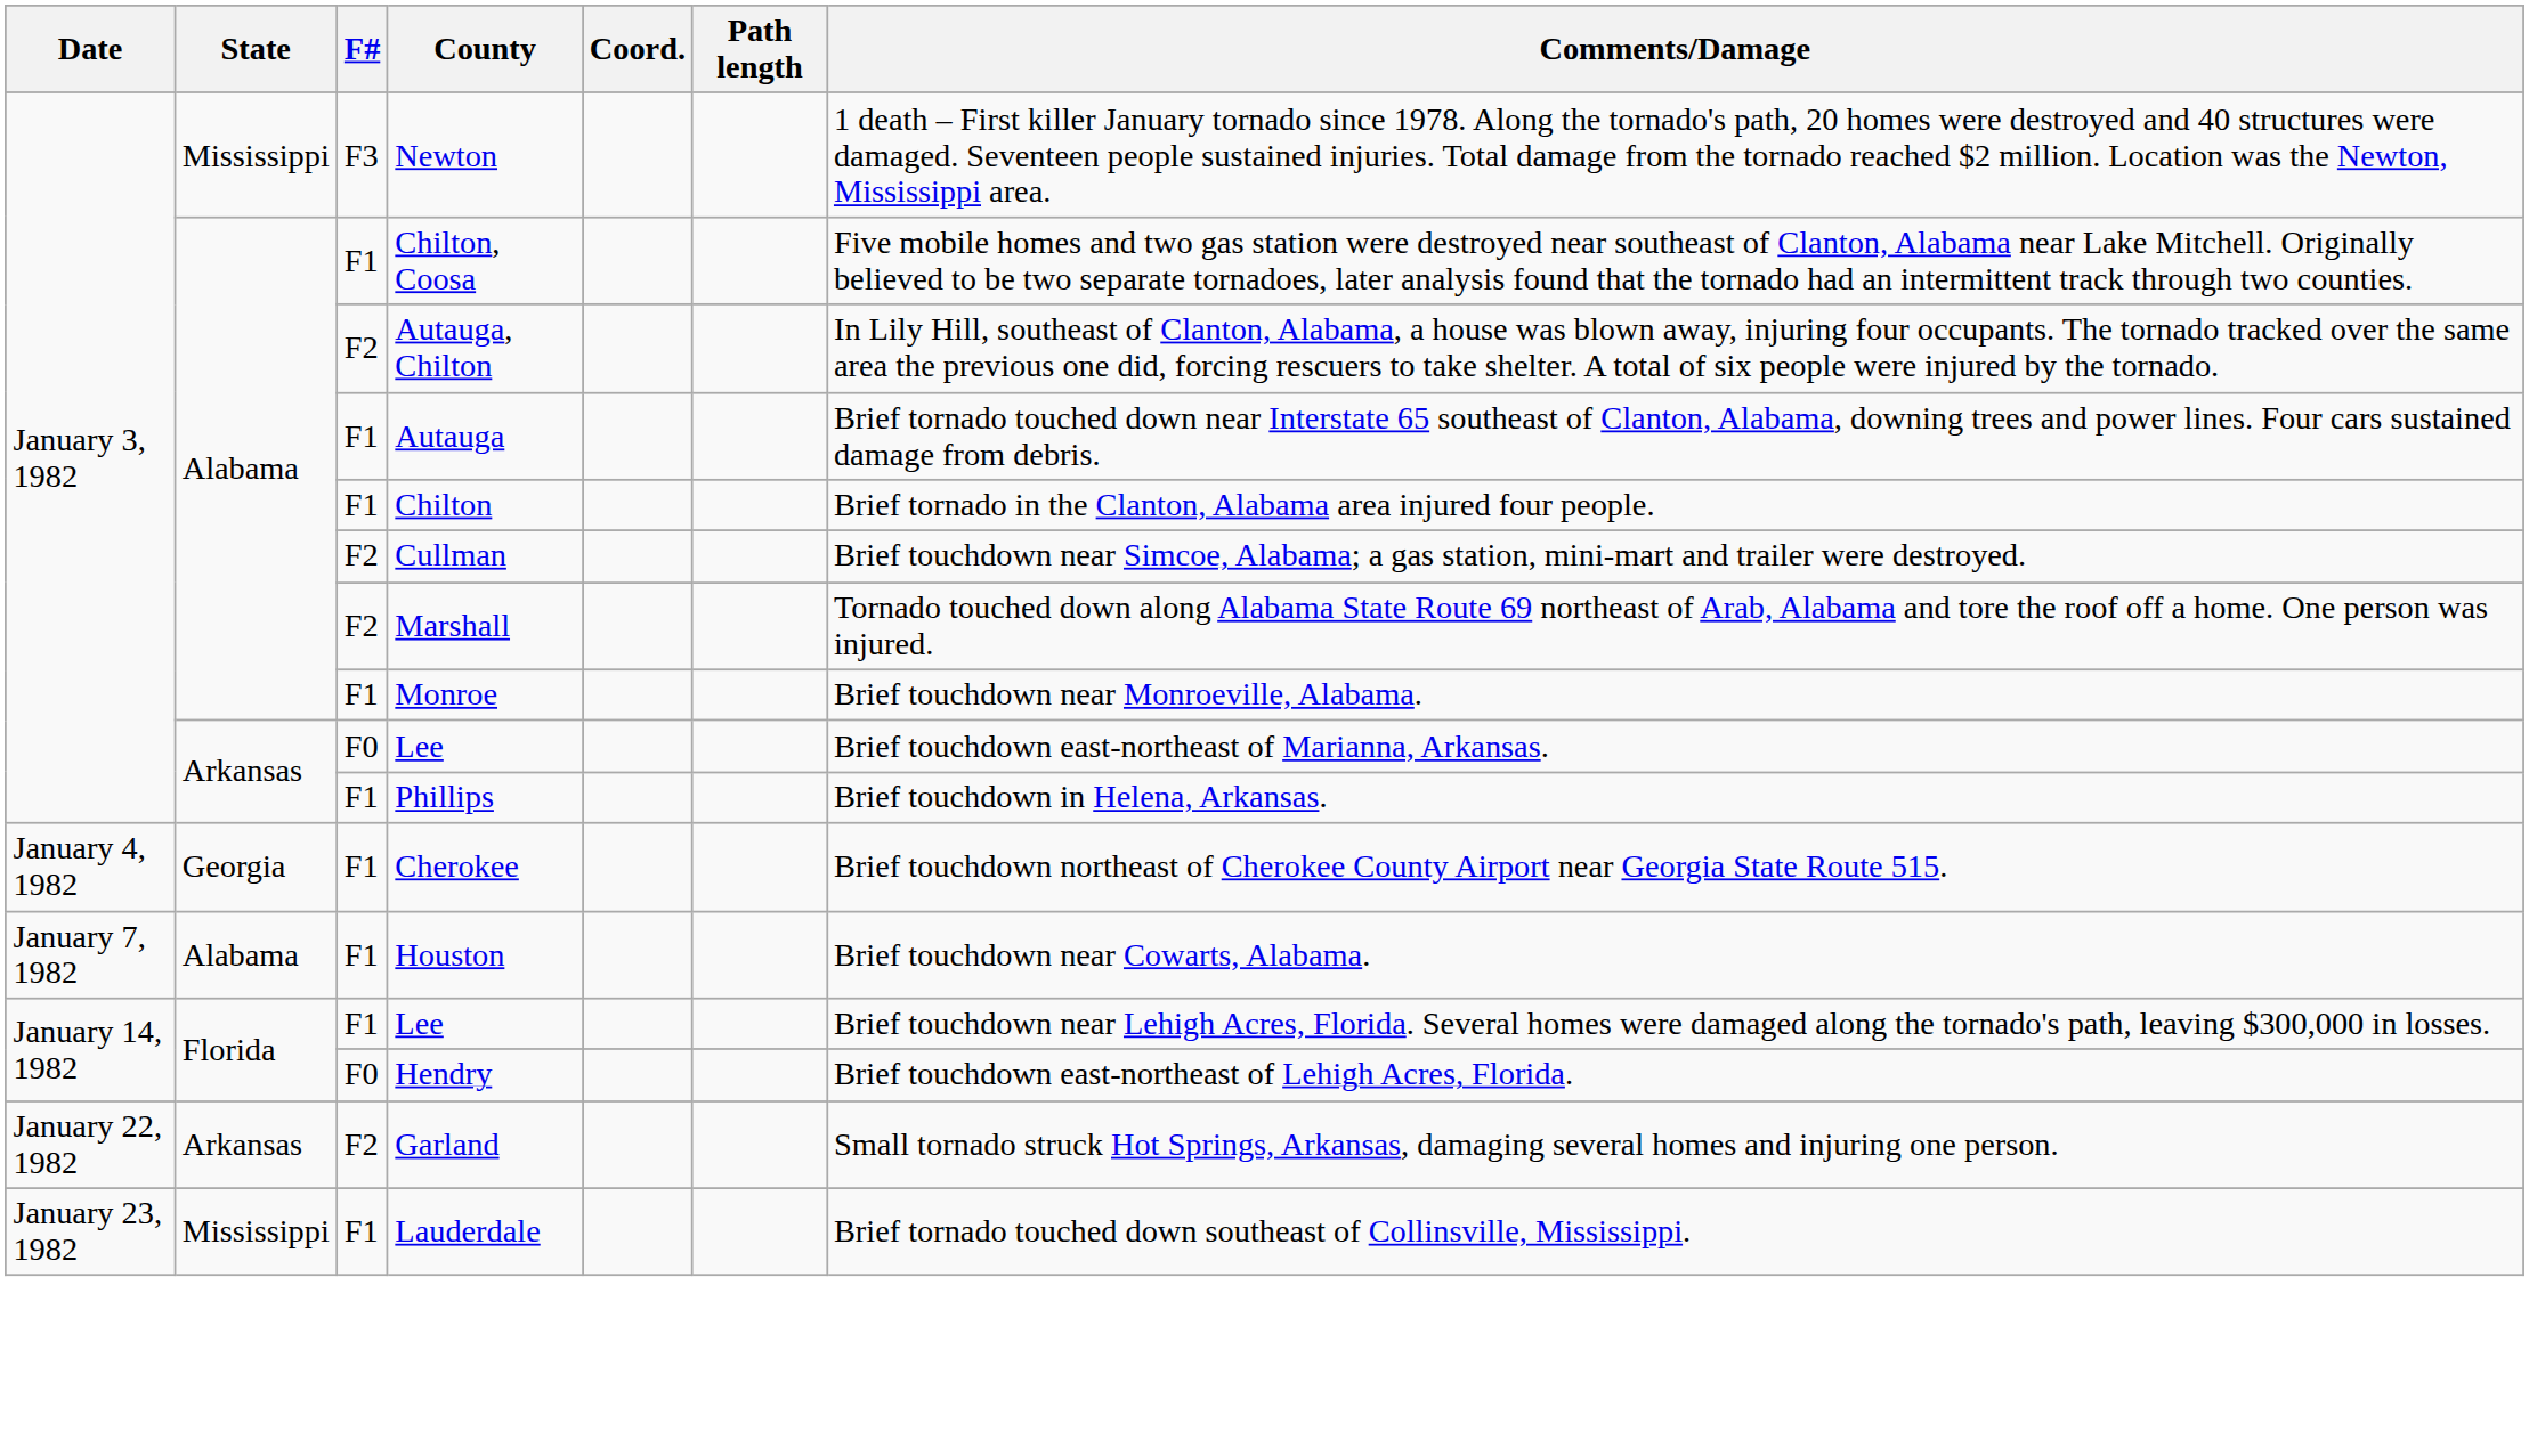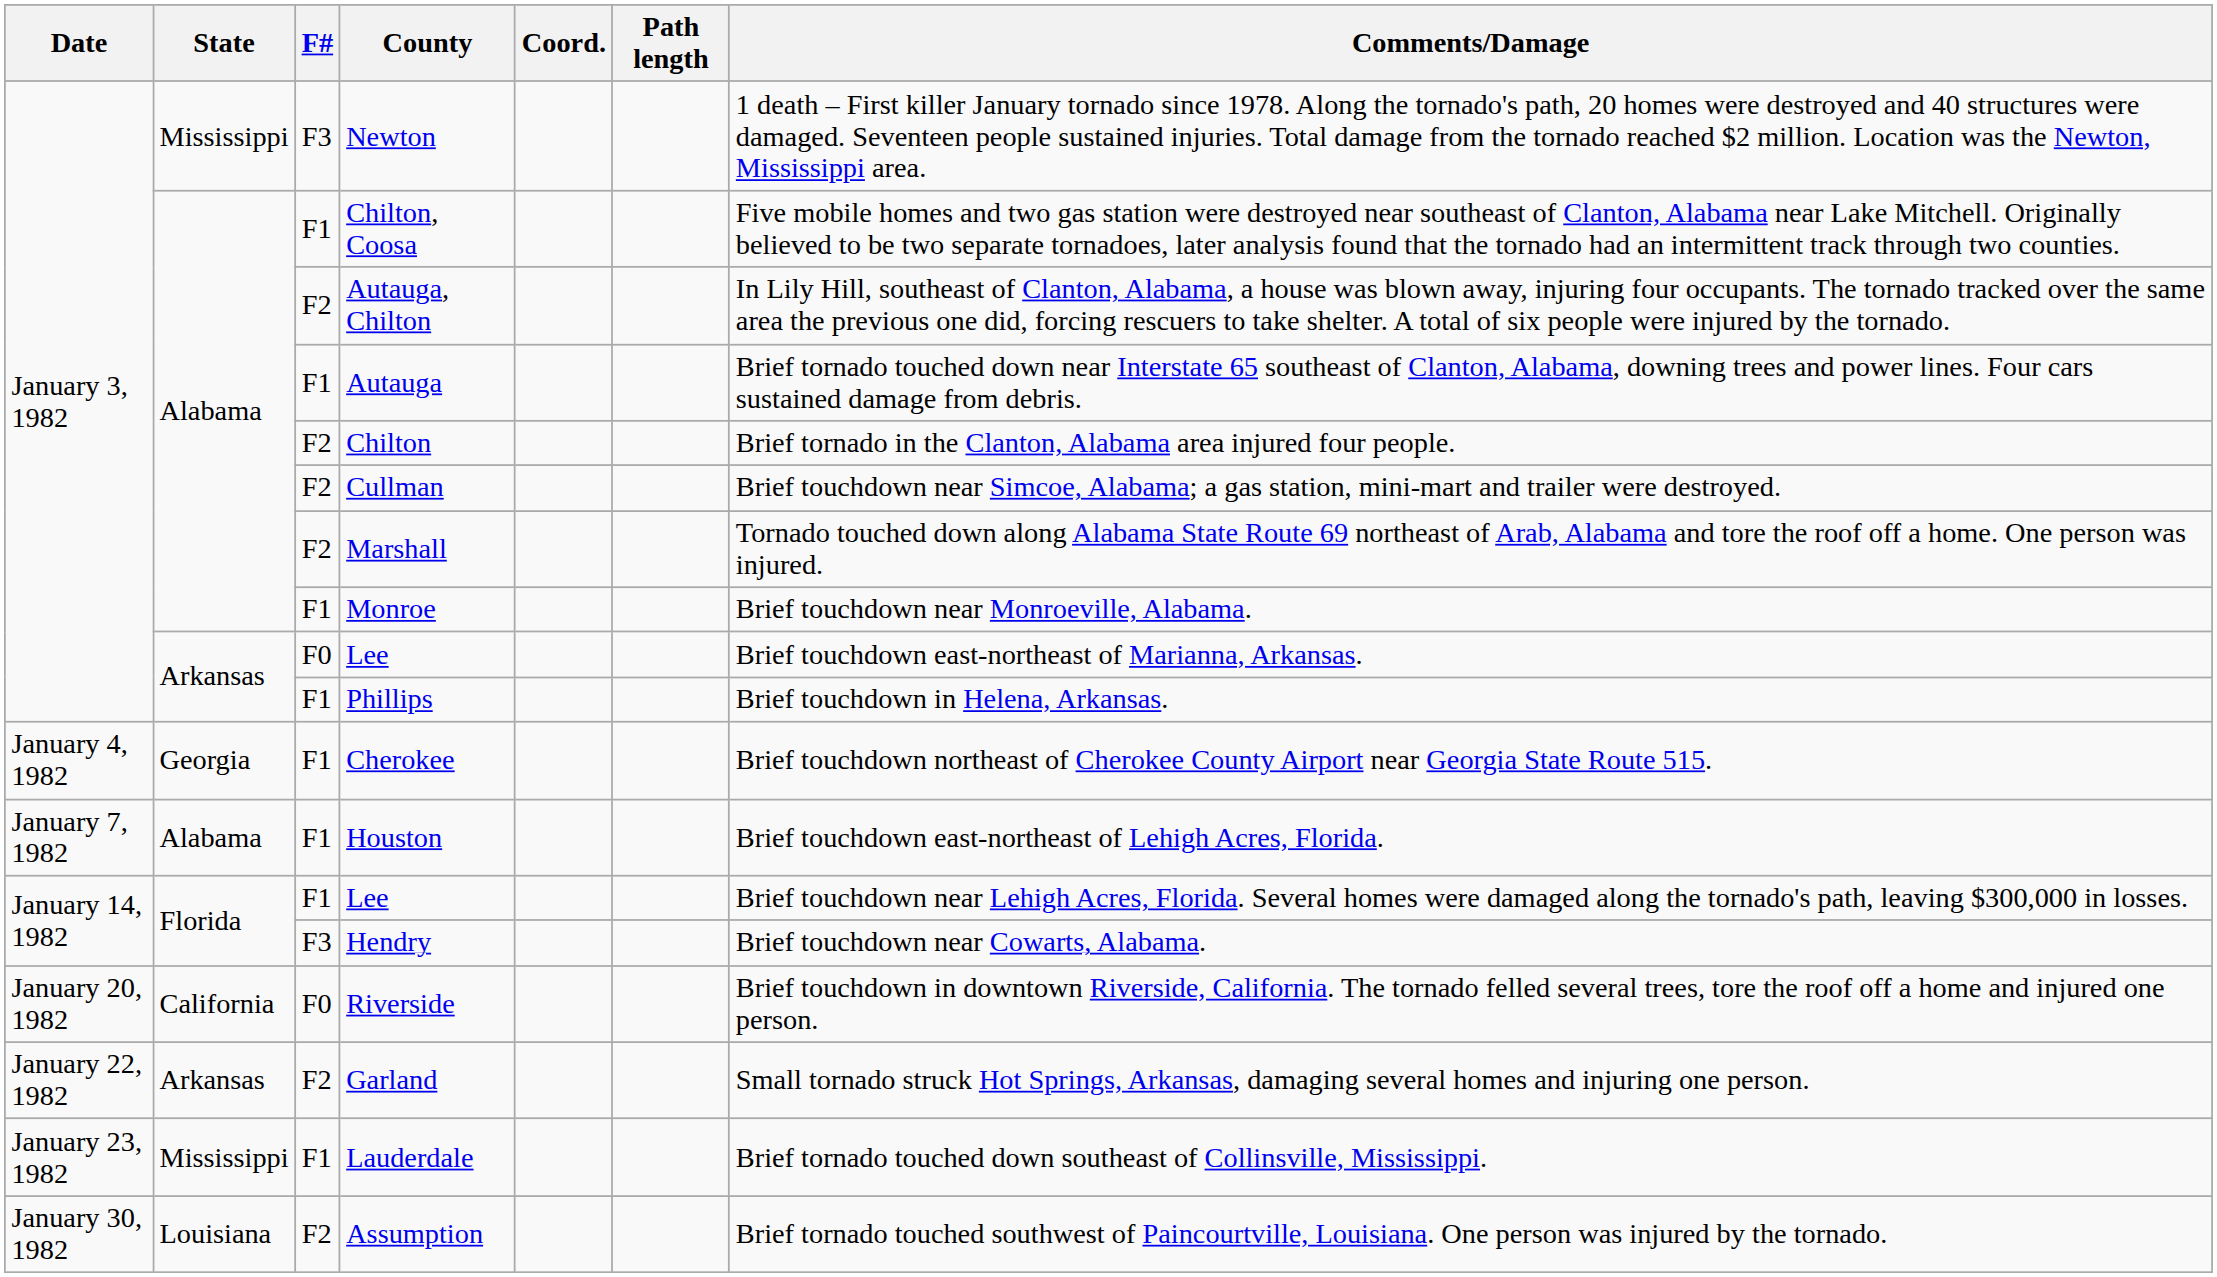 <table class="wikitable sortable">
 <tr>
 <th>Date</th>
 <th>State</th>
 <th><a href='#'>F#</a></th>
 <th>County</th>
 <th>Coord.</th>
 <th>Path length</th>
 <th>Comments/Damage</th>
 </tr>
 <tr>
 <td rowspan="10">January 3, 1982</td>
 <td>Mississippi</td>
 <td style="background: #">F3</td>
 <td><a href='#'>Newton</a></td>
 <td></td>
 <td></td>
 <td>1 death – First killer January tornado since 1978. Along the tornado's path, 20 homes were destroyed and 40 structures were damaged. Seventeen people sustained injuries. Total damage from the tornado reached $2 million. Location was the <a href='#'>Newton, Mississippi</a> area.</td>
 </tr>
 <tr>
 <td rowspan="7">Alabama</td>
 <td style="background: #">F1</td>
 <td><a href='#'>Chilton</a>, <a href='#'>Coosa</a></td>
 <td></td>
 <td></td>
 <td>Five mobile homes and two gas station were destroyed near southeast of <a href='#'>Clanton, Alabama</a> near Lake Mitchell. Originally believed to be two separate tornadoes, later analysis found that the tornado had an intermittent  track through two counties.</td>
 </tr>
 <tr>
 <td style="background: #">F2</td>
 <td><a href='#'>Autauga</a>, <a href='#'>Chilton</a></td>
 <td></td>
 <td></td>
 <td>In Lily Hill, southeast of <a href='#'>Clanton, Alabama</a>, a house was blown away, injuring four occupants. The tornado tracked over the same area the previous one did, forcing rescuers to take shelter. A total of six people were injured by the tornado.</td>
 </tr>
 <tr>
 <td style="background: #">F1</td>
 <td><a href='#'>Autauga</a></td>
 <td></td>
 <td></td>
 <td>Brief tornado touched down near <a href='#'>Interstate 65</a> southeast of <a href='#'>Clanton, Alabama</a>, downing trees and power lines. Four cars sustained damage from debris.</td>
 </tr>
 <tr>
-<td style="background: #">F1</td>
+<td style="background: #">F2</td>
 <td><a href='#'>Chilton</a></td>
 <td></td>
 <td></td>
 <td>Brief tornado in the <a href='#'>Clanton, Alabama</a> area injured four people.</td>
 </tr>
 <tr>
 <td style="background: #">F2</td>
 <td><a href='#'>Cullman</a></td>
 <td></td>
 <td></td>
 <td>Brief touchdown near <a href='#'>Simcoe, Alabama</a>; a gas station, mini-mart and trailer were destroyed.</td>
 </tr>
 <tr>
 <td style="background: #">F2</td>
 <td><a href='#'>Marshall</a></td>
 <td></td>
 <td></td>
 <td>Tornado touched down along <a href='#'>Alabama State Route 69</a> northeast of <a href='#'>Arab, Alabama</a> and tore the roof off a home. One person was injured.</td>
 </tr>
 <tr>
 <td style="background: #">F1</td>
 <td><a href='#'>Monroe</a></td>
 <td></td>
 <td></td>
 <td>Brief touchdown near <a href='#'>Monroeville, Alabama</a>.</td>
 </tr>
 <tr>
 <td rowspan="2">Arkansas</td>
 <td style="background: #">F0</td>
 <td><a href='#'>Lee</a></td>
 <td></td>
 <td></td>
 <td>Brief touchdown east-northeast of <a href='#'>Marianna, Arkansas</a>.</td>
 </tr>
 <tr>
 <td style="background: #">F1</td>
 <td><a href='#'>Phillips</a></td>
 <td></td>
 <td></td>
 <td>Brief touchdown in <a href='#'>Helena, Arkansas</a>.</td>
 </tr>
 <tr>
 <td>January 4, 1982</td>
 <td>Georgia</td>
 <td style="background: #">F1</td>
 <td><a href='#'>Cherokee</a></td>
 <td></td>
 <td></td>
 <td>Brief touchdown northeast of <a href='#'>Cherokee County Airport</a> near <a href='#'>Georgia State Route 515</a>.</td>
 </tr>
 <tr>
 <td>January 7, 1982</td>
 <td>Alabama</td>
 <td style="background: #">F1</td>
 <td><a href='#'>Houston</a></td>
 <td></td>
 <td></td>
-<td>Brief touchdown near <a href='#'>Cowarts, Alabama</a>.</td>
+<td>Brief touchdown east-northeast of <a href='#'>Lehigh Acres, Florida</a>.</td>
 </tr>
 <tr>
 <td rowspan="2">January 14, 1982</td>
 <td rowspan="2">Florida</td>
 <td style="background: #">F1</td>
 <td><a href='#'>Lee</a></td>
 <td></td>
 <td></td>
 <td>Brief touchdown near <a href='#'>Lehigh Acres, Florida</a>. Several homes were damaged along the tornado's path, leaving $300,000 in losses.</td>
 </tr>
 <tr>
-<td style="background: #">F0</td>
+<td style="background: #">F3</td>
 <td><a href='#'>Hendry</a></td>
 <td></td>
 <td></td>
-<td>Brief touchdown east-northeast of <a href='#'>Lehigh Acres, Florida</a>.</td>
+<td>Brief touchdown near <a href='#'>Cowarts, Alabama</a>.</td>
+</tr>
+<tr>
+<td>January 20, 1982</td>
+<td>California</td>
+<td style="background: #">F0</td>
+<td><a href='#'>Riverside</a></td>
+<td></td>
+<td></td>
+<td>Brief touchdown in downtown <a href='#'>Riverside, California</a>. The tornado felled several trees, tore the roof off a home and injured one person.</td>
 </tr>
 <tr>
 <td>January 22, 1982</td>
 <td>Arkansas</td>
 <td style="background: #">F2</td>
 <td><a href='#'>Garland</a></td>
 <td></td>
 <td></td>
 <td>Small tornado struck <a href='#'>Hot Springs, Arkansas</a>, damaging several homes and injuring one person.</td>
 </tr>
 <tr>
 <td>January 23, 1982</td>
 <td>Mississippi</td>
 <td style="background: #">F1</td>
 <td><a href='#'>Lauderdale</a></td>
 <td></td>
 <td></td>
 <td>Brief tornado touched down southeast of <a href='#'>Collinsville, Mississippi</a>.</td>
 </tr>
+<tr>
+<td>January 30, 1982</td>
+<td>Louisiana</td>
+<td style="background: #">F2</td>
+<td><a href='#'>Assumption</a></td>
+<td></td>
+<td></td>
+<td>Brief tornado touched southwest of <a href='#'>Paincourtville, Louisiana</a>. One person was injured by the tornado.</td>
+</tr>
 </table>
